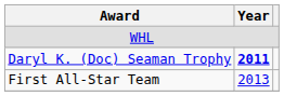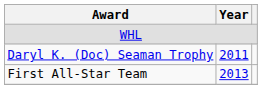 <table class="wikitable">
 <tr>
 <th>Award</th>
 <th>Year</th>
 <th></th>
 </tr>
 <tr ALIGN="center" bgcolor="#e0e0e0">
 <td colspan="3"><a href='#'>WHL</a></td>
 </tr>
 <tr>
 <td><a href='#'>Daryl K. (Doc) Seaman Trophy</a></td>
-<td><strong><a href='#'>2011</a></strong></td>
+<td><a href='#'>2011</a></td>
 <td></td>
 </tr>
 <tr>
 <td>First All-Star Team</td>
 <td><a href='#'>2013</a></td>
 <td></td>
 </tr>
 <tr>
 </tr>
 </table>
